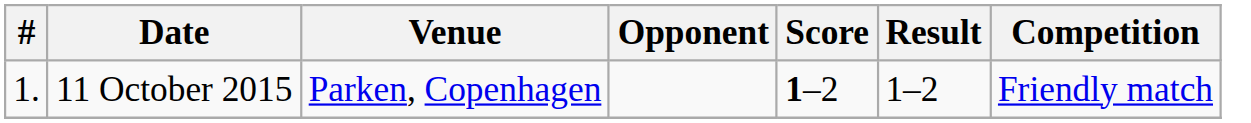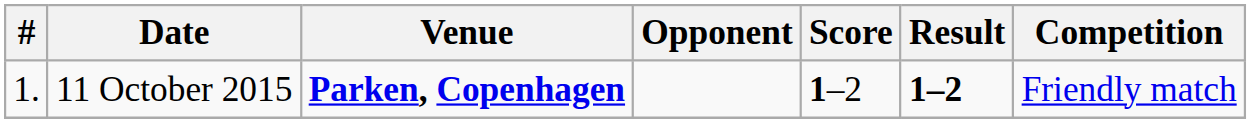 <table class="wikitable">
 <tr>
 <th>#</th>
 <th>Date</th>
 <th>Venue</th>
 <th>Opponent</th>
 <th>Score</th>
 <th>Result</th>
 <th>Competition</th>
 </tr>
 <tr>
 <td>1.</td>
 <td>11 October 2015</td>
-<td><a href='#'>Parken</a>, <a href='#'>Copenhagen</a></td>
+<td><strong><a href='#'>Parken</a>, <a href='#'>Copenhagen</a></strong></td>
 <td></td>
 <td><strong>1</strong>–2</td>
-<td>1–2</td>
+<td><strong>1–2</strong></td>
 <td><a href='#'>Friendly match</a></td>
 </tr>
 <tr>
 </tr>
 </table>
